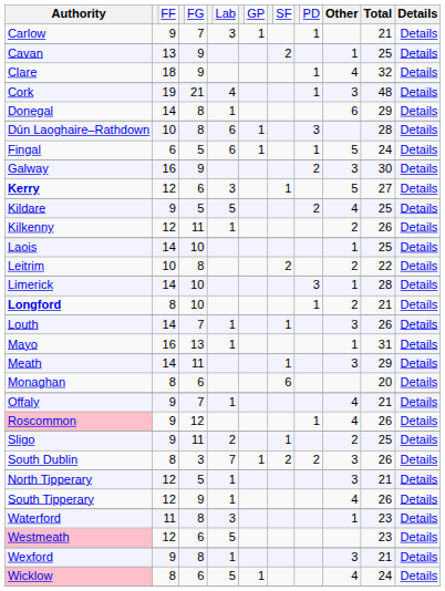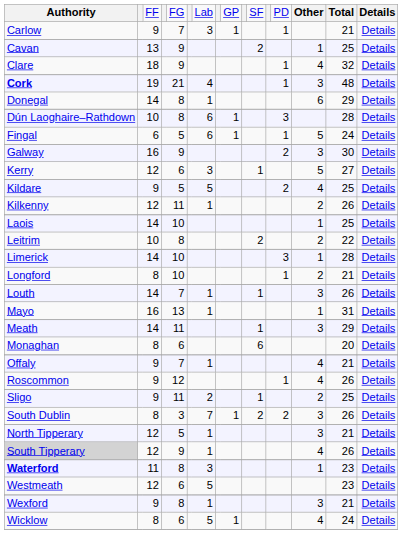 <table class="wikitable" style="text-align:right; padding-left:1em">
 <tr>
 <th align="left">Authority</th>
 <th style="background-color: "></th>
 <td><a href='#'>FF</a></td>
 <th style="background-color: "></th>
 <td><a href='#'>FG</a></td>
 <th style="background-color: "></th>
 <td><a href='#'>Lab</a></td>
 <th style="background-color: "></th>
 <td><a href='#'>GP</a></td>
 <th style="background-color: "></th>
 <td><a href='#'>SF</a></td>
 <th style="background-color: "></th>
 <td><a href='#'>PD</a></td>
 <th>Other</th>
 <th align="left">Total</th>
 <th>Details</th>
 </tr>
 <tr>
 <td align="left"><a href='#'>Carlow</a></td>
 <td colspan="2">9</td>
 <td colspan="2">7</td>
 <td colspan="2">3</td>
 <td colspan="2">1</td>
 <td colspan="2"></td>
 <td colspan="2">1</td>
 <td></td>
 <td>21</td>
 <td><a href='#'>Details</a></td>
 </tr>
 <tr>
 </tr>
 <tr>
 </tr>
 <tr bgcolor="F3F3FF">
 <td align="left"><a href='#'>Cavan</a></td>
 <td colspan="2">13</td>
 <td colspan="2">9</td>
 <td colspan="2"></td>
 <td colspan="2"></td>
 <td colspan="2">2</td>
 <td colspan="2"></td>
 <td>1</td>
 <td>25</td>
 <td><a href='#'>Details</a></td>
 </tr>
 <tr>
 <td align="left"><a href='#'>Clare</a></td>
 <td colspan="2">18</td>
 <td colspan="2">9</td>
 <td colspan="2"></td>
 <td colspan="2"></td>
 <td colspan="2"></td>
 <td colspan="2">1</td>
 <td>4</td>
 <td>32</td>
 <td><a href='#'>Details</a></td>
 </tr>
 <tr>
 </tr>
 <tr bgcolor="F3F3FF">
-<td align="left"><a href='#'>Cork</a></td>
+<td align="left"><strong><a href='#'>Cork</a></strong></td>
 <td colspan="2">19</td>
 <td colspan="2">21</td>
 <td colspan="2">4</td>
 <td colspan="2"></td>
 <td colspan="2"></td>
 <td colspan="2">1</td>
 <td>3</td>
 <td>48</td>
 <td><a href='#'>Details</a></td>
 </tr>
 <tr>
 <td align="left"><a href='#'>Donegal</a></td>
 <td colspan="2">14</td>
 <td colspan="2">8</td>
 <td colspan="2">1</td>
 <td colspan="2"></td>
 <td colspan="2"></td>
 <td colspan="2"></td>
 <td>6</td>
 <td>29</td>
 <td><a href='#'>Details</a></td>
 </tr>
 <tr>
 </tr>
 <tr bgcolor="F3F3FF">
 <td align="left"><a href='#'>Dún Laoghaire–Rathdown</a></td>
 <td colspan="2">10</td>
 <td colspan="2">8</td>
 <td colspan="2">6</td>
 <td colspan="2">1</td>
 <td colspan="2"></td>
 <td colspan="2">3</td>
 <td></td>
 <td>28</td>
 <td><a href='#'>Details</a></td>
 </tr>
 <tr>
 <td align="left"><a href='#'>Fingal</a></td>
 <td colspan="2">6</td>
 <td colspan="2">5</td>
 <td colspan="2">6</td>
 <td colspan="2">1</td>
 <td colspan="2"></td>
 <td colspan="2">1</td>
 <td>5</td>
 <td>24</td>
 <td><a href='#'>Details</a></td>
 </tr>
 <tr>
 </tr>
 <tr bgcolor="F3F3FF">
 <td align="left"><a href='#'>Galway</a></td>
 <td colspan="2">16</td>
 <td colspan="2">9</td>
 <td colspan="2"></td>
 <td colspan="2"></td>
 <td colspan="2"></td>
 <td colspan="2">2</td>
 <td>3</td>
 <td>30</td>
 <td><a href='#'>Details</a></td>
 </tr>
 <tr>
-<td align="left"><strong><a href='#'>Kerry</a></strong></td>
+<td align="left"><a href='#'>Kerry</a></td>
 <td colspan="2">12</td>
 <td colspan="2">6</td>
 <td colspan="2">3</td>
 <td colspan="2"></td>
 <td colspan="2">1</td>
 <td colspan="2"></td>
 <td>5</td>
 <td>27</td>
 <td><a href='#'>Details</a></td>
 </tr>
 <tr>
 </tr>
 <tr bgcolor="F3F3FF">
 <td align="left"><a href='#'>Kildare</a></td>
 <td colspan="2">9</td>
 <td colspan="2">5</td>
 <td colspan="2">5</td>
 <td colspan="2"></td>
 <td colspan="2"></td>
 <td colspan="2">2</td>
 <td>4</td>
 <td>25</td>
 <td><a href='#'>Details</a></td>
 </tr>
 <tr>
 <td align="left"><a href='#'>Kilkenny</a></td>
 <td colspan="2">12</td>
 <td colspan="2">11</td>
 <td colspan="2">1</td>
 <td colspan="2"></td>
 <td colspan="2"></td>
 <td colspan="2"></td>
 <td>2</td>
 <td>26</td>
 <td><a href='#'>Details</a></td>
 </tr>
 <tr>
 </tr>
 <tr bgcolor="F3F3FF">
 <td align="left"><a href='#'>Laois</a></td>
 <td colspan="2">14</td>
 <td colspan="2">10</td>
 <td colspan="2"></td>
 <td colspan="2"></td>
 <td colspan="2"></td>
 <td colspan="2"></td>
 <td>1</td>
 <td>25</td>
 <td><a href='#'>Details</a></td>
 </tr>
 <tr>
 <td align="left"><a href='#'>Leitrim</a></td>
 <td colspan="2">10</td>
 <td colspan="2">8</td>
 <td colspan="2"></td>
 <td colspan="2"></td>
 <td colspan="2">2</td>
 <td colspan="2"></td>
 <td>2</td>
 <td>22</td>
 <td><a href='#'>Details</a></td>
 </tr>
 <tr>
 </tr>
 <tr bgcolor="F3F3FF">
 <td align="left"><a href='#'>Limerick</a></td>
 <td colspan="2">14</td>
 <td colspan="2">10</td>
 <td colspan="2"></td>
 <td colspan="2"></td>
 <td colspan="2"></td>
 <td colspan="2">3</td>
 <td>1</td>
 <td>28</td>
 <td><a href='#'>Details</a></td>
 </tr>
 <tr>
-<td align="left"><strong><a href='#'>Longford</a></strong></td>
+<td align="left"><a href='#'>Longford</a></td>
 <td colspan="2">8</td>
 <td colspan="2">10</td>
 <td colspan="2"></td>
 <td colspan="2"></td>
 <td colspan="2"></td>
 <td colspan="2">1</td>
 <td>2</td>
 <td>21</td>
 <td><a href='#'>Details</a></td>
 </tr>
 <tr>
 </tr>
 <tr bgcolor="F3F3FF">
 <td align="left"><a href='#'>Louth</a></td>
 <td colspan="2">14</td>
 <td colspan="2">7</td>
 <td colspan="2">1</td>
 <td colspan="2"></td>
 <td colspan="2">1</td>
 <td colspan="2"></td>
 <td>3</td>
 <td>26</td>
 <td><a href='#'>Details</a></td>
 </tr>
 <tr>
 <td align="left"><a href='#'>Mayo</a></td>
 <td colspan="2">16</td>
 <td colspan="2">13</td>
 <td colspan="2">1</td>
 <td colspan="2"></td>
 <td colspan="2"></td>
 <td colspan="2"></td>
 <td>1</td>
 <td>31</td>
 <td><a href='#'>Details</a></td>
 </tr>
 <tr>
 </tr>
 <tr bgcolor="F3F3FF">
 <td align="left"><a href='#'>Meath</a></td>
 <td colspan="2">14</td>
 <td colspan="2">11</td>
 <td colspan="2"></td>
 <td colspan="2"></td>
 <td colspan="2">1</td>
 <td colspan="2"></td>
 <td>3</td>
 <td>29</td>
 <td><a href='#'>Details</a></td>
 </tr>
 <tr>
 <td align="left"><a href='#'>Monaghan</a></td>
 <td colspan="2">8</td>
 <td colspan="2">6</td>
 <td colspan="2"></td>
 <td colspan="2"></td>
 <td colspan="2">6</td>
 <td colspan="2"></td>
 <td></td>
 <td>20</td>
 <td><a href='#'>Details</a></td>
 </tr>
 <tr>
 </tr>
 <tr bgcolor="F3F3FF">
 <td align="left"><a href='#'>Offaly</a></td>
 <td colspan="2">9</td>
 <td colspan="2">7</td>
 <td colspan="2">1</td>
 <td colspan="2"></td>
 <td colspan="2"></td>
 <td colspan="2"></td>
 <td>4</td>
 <td>21</td>
 <td><a href='#'>Details</a></td>
 </tr>
 <tr>
-<td align="left" style="background: pink;"><a href='#'>Roscommon</a></td>
+<td align="left"><a href='#'>Roscommon</a></td>
 <td colspan="2">9</td>
 <td colspan="2">12</td>
 <td colspan="2"></td>
 <td colspan="2"></td>
 <td colspan="2"></td>
 <td colspan="2">1</td>
 <td>4</td>
 <td>26</td>
 <td><a href='#'>Details</a></td>
 </tr>
 <tr>
 </tr>
 <tr bgcolor="F3F3FF">
 <td align="left"><a href='#'>Sligo</a></td>
 <td colspan="2">9</td>
 <td colspan="2">11</td>
 <td colspan="2">2</td>
 <td colspan="2"></td>
 <td colspan="2">1</td>
 <td colspan="2"></td>
 <td>2</td>
 <td>25</td>
 <td><a href='#'>Details</a></td>
 </tr>
 <tr>
 <td align="left"><a href='#'>South Dublin</a></td>
 <td colspan="2">8</td>
 <td colspan="2">3</td>
 <td colspan="2">7</td>
 <td colspan="2">1</td>
 <td colspan="2">2</td>
 <td colspan="2">2</td>
 <td>3</td>
 <td>26</td>
 <td><a href='#'>Details</a></td>
 </tr>
 <tr>
 </tr>
 <tr bgcolor="F3F3FF">
 <td align="left"><a href='#'>North Tipperary</a></td>
 <td colspan="2">12</td>
 <td colspan="2">5</td>
 <td colspan="2">1</td>
 <td colspan="2"></td>
 <td colspan="2"></td>
 <td colspan="2"></td>
 <td>3</td>
 <td>21</td>
 <td><a href='#'>Details</a></td>
 </tr>
 <tr>
-<td align="left"><a href='#'>South Tipperary</a></td>
+<td align="left" style="background: lightgrey;"><a href='#'>South Tipperary</a></td>
 <td colspan="2">12</td>
 <td colspan="2">9</td>
 <td colspan="2">1</td>
 <td colspan="2"></td>
 <td colspan="2"></td>
 <td colspan="2"></td>
 <td>4</td>
 <td>26</td>
 <td><a href='#'>Details</a></td>
 </tr>
 <tr>
 </tr>
 <tr bgcolor="F3F3FF">
-<td align="left"><a href='#'>Waterford</a></td>
+<td align="left"><strong><a href='#'>Waterford</a></strong></td>
 <td colspan="2">11</td>
 <td colspan="2">8</td>
 <td colspan="2">3</td>
 <td colspan="2"></td>
 <td colspan="2"></td>
 <td colspan="2"></td>
 <td>1</td>
 <td>23</td>
 <td><a href='#'>Details</a></td>
 </tr>
 <tr>
-<td align="left" style="background: pink;"><a href='#'>Westmeath</a></td>
+<td align="left"><a href='#'>Westmeath</a></td>
 <td colspan="2">12</td>
 <td colspan="2">6</td>
 <td colspan="2">5</td>
 <td colspan="2"></td>
 <td colspan="2"></td>
 <td colspan="2"></td>
 <td></td>
 <td>23</td>
 <td><a href='#'>Details</a></td>
 </tr>
 <tr>
 </tr>
 <tr bgcolor="F3F3FF">
 <td align="left"><a href='#'>Wexford</a></td>
 <td colspan="2">9</td>
 <td colspan="2">8</td>
 <td colspan="2">1</td>
 <td colspan="2"></td>
 <td colspan="2"></td>
 <td colspan="2"></td>
 <td>3</td>
 <td>21</td>
 <td><a href='#'>Details</a></td>
 </tr>
 <tr>
-<td align="left" style="background: pink;"><a href='#'>Wicklow</a></td>
+<td align="left"><a href='#'>Wicklow</a></td>
 <td colspan="2">8</td>
 <td colspan="2">6</td>
 <td colspan="2">5</td>
 <td colspan="2">1</td>
 <td colspan="2"></td>
 <td colspan="2"></td>
 <td>4</td>
 <td>24</td>
 <td><a href='#'>Details</a></td>
 </tr>
 <tr>
 </tr>
 </table>
